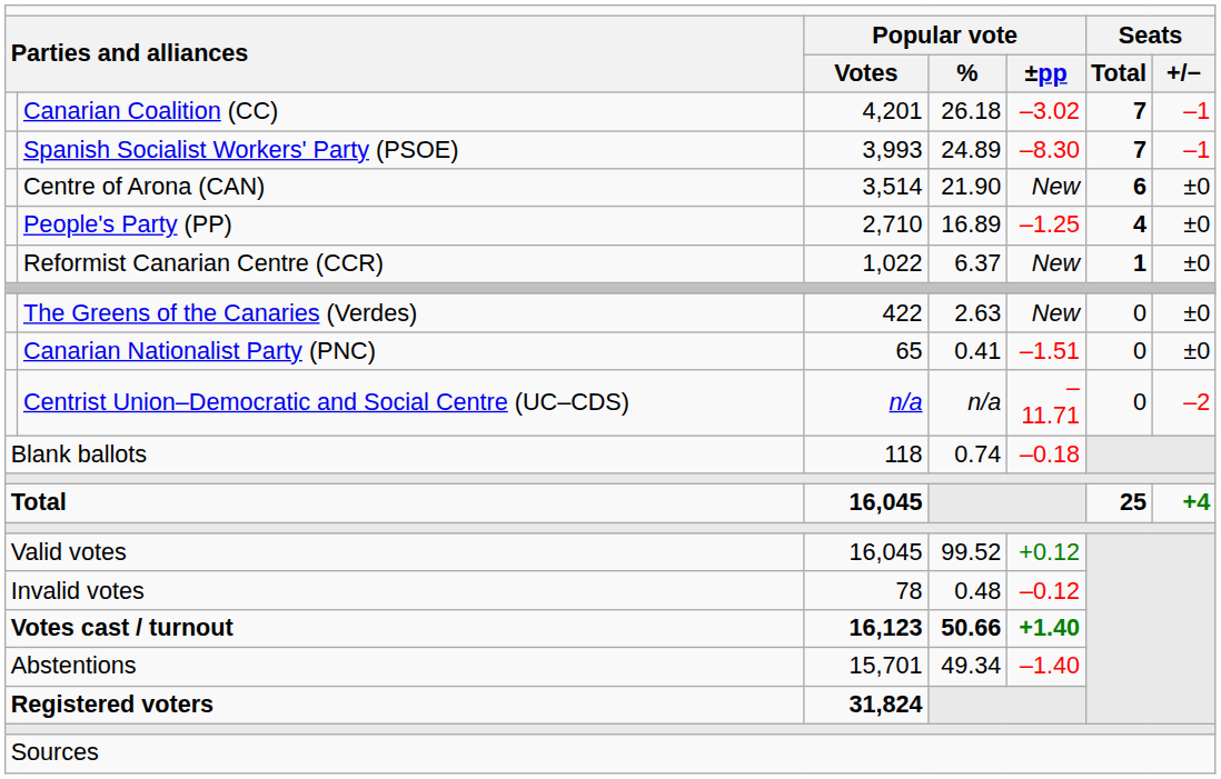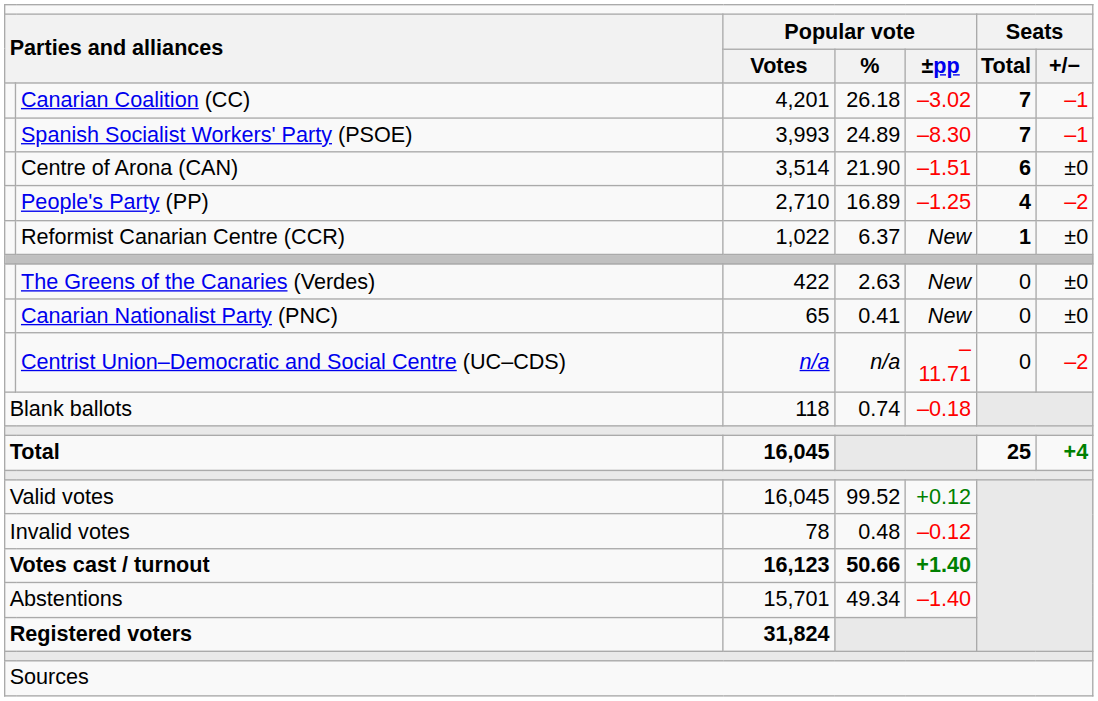 <table class="wikitable" style="text-align:right;">
 <tr>
 <td colspan="7"></td>
 </tr>
 <tr>
 <th style="text-align:left;" rowspan="2" colspan="2" width="525">Parties and alliances</th>
 <th colspan="3">Popular vote</th>
 <th colspan="2">Seats</th>
 </tr>
 <tr>
 <th width="75">Votes</th>
 <th width="45">%</th>
 <th width="45">±<a href='#'>pp</a></th>
 <th width="35">Total</th>
 <th width="35">+/−</th>
 </tr>
 <tr>
 <td width="1" style="color:inherit;background:"></td>
 <td align="left"><a href='#'>Canarian Coalition</a> (CC)</td>
 <td>4,201</td>
 <td>26.18</td>
 <td style="color:red;">–3.02</td>
 <td><strong>7</strong></td>
 <td style="color:red;">–1</td>
 </tr>
 <tr>
 <td style="color:inherit;background:"></td>
 <td align="left"><a href='#'>Spanish Socialist Workers' Party</a> (PSOE)</td>
 <td>3,993</td>
 <td>24.89</td>
 <td style="color:red;">–8.30</td>
 <td><strong>7</strong></td>
 <td style="color:red;">–1</td>
 </tr>
 <tr>
 <td style="color:inherit;background:"></td>
 <td align="left">Centre of Arona (CAN)</td>
 <td>3,514</td>
 <td>21.90</td>
-<td><em>New</em></td>
+<td style="color:red;">–1.51</td>
 <td><strong>6</strong></td>
 <td>±0</td>
 </tr>
 <tr>
 <td style="color:inherit;background:"></td>
 <td align="left"><a href='#'>People's Party</a> (PP)</td>
 <td>2,710</td>
 <td>16.89</td>
 <td style="color:red;">–1.25</td>
 <td><strong>4</strong></td>
-<td>±0</td>
+<td style="color:red;">–2</td>
 </tr>
 <tr>
 <td style="color:inherit;background:"></td>
 <td align="left">Reformist Canarian Centre (CCR)</td>
 <td>1,022</td>
 <td>6.37</td>
 <td><em>New</em></td>
 <td><strong>1</strong></td>
 <td>±0</td>
 </tr>
 <tr>
 <td colspan="7" style="color:inherit;background:#C0C0C0"></td>
 </tr>
 <tr>
 <td style="color:inherit;background:"></td>
 <td align="left"><a href='#'>The Greens of the Canaries</a> (Verdes)</td>
 <td>422</td>
 <td>2.63</td>
 <td><em>New</em></td>
 <td>0</td>
 <td>±0</td>
 </tr>
 <tr>
 <td style="color:inherit;background:"></td>
 <td align="left"><a href='#'>Canarian Nationalist Party</a> (PNC)</td>
 <td>65</td>
 <td>0.41</td>
-<td style="color:red;">–1.51</td>
+<td><em>New</em></td>
 <td>0</td>
 <td>±0</td>
 </tr>
 <tr>
 <td style="color:inherit;background:"></td>
 <td align="left"><a href='#'>Centrist Union–Democratic and Social Centre</a> (UC–CDS)</td>
 <td><em><a href='#'>n/a</a></em></td>
 <td><em>n/a</em></td>
 <td style="color:red;">–11.71</td>
 <td>0</td>
 <td style="color:red;">–2</td>
 </tr>
 <tr>
 <td align="left" colspan="2">Blank ballots</td>
 <td>118</td>
 <td>0.74</td>
 <td style="color:red;">–0.18</td>
 <td style="color:inherit;background:#E9E9E9" colspan="2"></td>
 </tr>
 <tr>
 <td colspan="7" style="color:inherit;background:#E9E9E9"></td>
 </tr>
 <tr style="font-weight:bold;">
 <td align="left" colspan="2">Total</td>
 <td>16,045</td>
 <td bgcolor="#E9E9E9" colspan="2"></td>
 <td>25</td>
 <td style="color:green;">+4</td>
 </tr>
 <tr>
 <td colspan="7" style="color:inherit;background:#E9E9E9"></td>
 </tr>
 <tr>
 <td align="left" colspan="2">Valid votes</td>
 <td>16,045</td>
 <td>99.52</td>
 <td style="color:green;">+0.12</td>
 <td bgcolor="#E9E9E9" colspan="2" rowspan="5"></td>
 </tr>
 <tr>
 <td align="left" colspan="2">Invalid votes</td>
 <td>78</td>
 <td>0.48</td>
 <td style="color:red;">–0.12</td>
 </tr>
 <tr style="font-weight:bold;">
 <td align="left" colspan="2">Votes cast / turnout</td>
 <td>16,123</td>
 <td>50.66</td>
 <td style="color:green;">+1.40</td>
 </tr>
 <tr>
 <td align="left" colspan="2">Abstentions</td>
 <td>15,701</td>
 <td>49.34</td>
 <td style="color:red;">–1.40</td>
 </tr>
 <tr style="font-weight:bold;">
 <td align="left" colspan="2">Registered voters</td>
 <td>31,824</td>
 <td bgcolor="#E9E9E9" colspan="2"></td>
 </tr>
 <tr>
 <td colspan="7" style="color:inherit;background:#E9E9E9"></td>
 </tr>
 <tr>
 <td align="left" colspan="7">Sources</td>
 </tr>
 </table>
